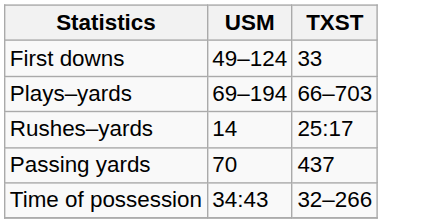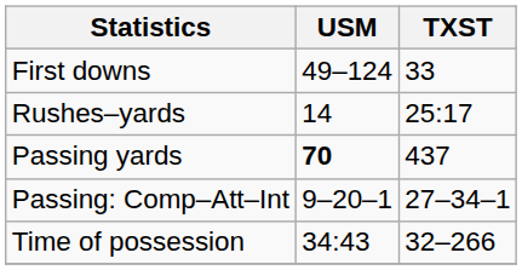 <table class="wikitable" style="float: left;">
 <tr>
 <th>Statistics</th>
 <th>USM</th>
 <th>TXST</th>
 </tr>
 <tr>
 <td>First downs</td>
 <td>49–124</td>
 <td>33</td>
 </tr>
 <tr>
-<td>Plays–yards</td>
-<td>69–194</td>
-<td>66–703</td>
-</tr>
-<tr>
 <td>Rushes–yards</td>
 <td>14</td>
 <td>25:17</td>
 </tr>
 <tr>
 <td>Passing yards</td>
-<td>70</td>
+<td><strong>70</strong></td>
 <td>437</td>
+</tr>
+<tr>
+<td>Passing: Comp–Att–Int</td>
+<td>9–20–1</td>
+<td>27–34–1</td>
 </tr>
 <tr>
 <td>Time of possession</td>
 <td>34:43</td>
 <td>32–266</td>
 </tr>
 <tr>
 </tr>
 </table>
